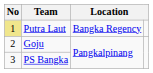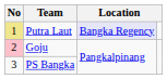 <table class="wikitable sortable" style="font-size:100%;">
 <tr>
 <th>No</th>
 <th>Team</th>
 <th colspan="2">Location</th>
 </tr>
 <tr>
 <td align="center" style="background: khaki;">1</td>
 <td><a href='#'>Putra Laut</a></td>
-<td><a href='#'>Bangka Regency</a></td>
+<td style="background: lavender;"><a href='#'>Bangka Regency</a></td>
 <td></td>
 </tr>
 <tr>
-<td align="center">2</td>
+<td align="center" style="background: pink;">2</td>
 <td><a href='#'>Goju</a></td>
 <td rowspan="2"><a href='#'>Pangkalpinang</a></td>
 <td rowspan="2"></td>
 </tr>
 <tr>
 <td align="center">3</td>
 <td><a href='#'>PS Bangka</a></td>
 </tr>
 </table>
